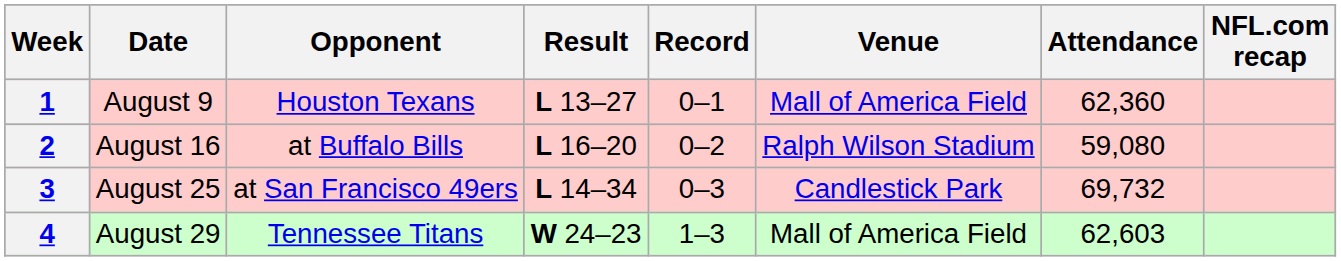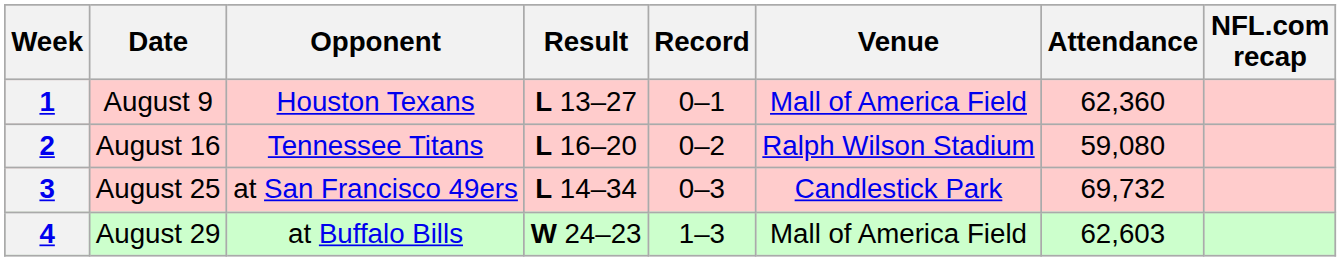 <table class="wikitable" style="text-align:center">
 <tr>
 <th>Week</th>
 <th>Date</th>
 <th>Opponent</th>
 <th>Result</th>
 <th>Record</th>
 <th>Venue</th>
 <th>Attendance</th>
 <th>NFL.com<br>recap</th>
 </tr>
 <tr style="background:#fcc">
 <th><a href='#'>1</a></th>
 <td>August 9</td>
 <td><a href='#'>Houston Texans</a></td>
 <td><strong>L</strong> 13–27</td>
 <td>0–1</td>
 <td><a href='#'>Mall of America Field</a></td>
 <td>62,360</td>
 <td></td>
 </tr>
 <tr style="background:#fcc">
 <th><a href='#'>2</a></th>
 <td>August 16</td>
-<td>at <a href='#'>Buffalo Bills</a></td>
+<td><a href='#'>Tennessee Titans</a></td>
 <td><strong>L</strong> 16–20</td>
 <td>0–2</td>
 <td><a href='#'>Ralph Wilson Stadium</a></td>
 <td>59,080</td>
 <td></td>
 </tr>
 <tr style="background:#fcc">
 <th><a href='#'>3</a></th>
 <td>August 25</td>
 <td>at <a href='#'>San Francisco 49ers</a></td>
 <td><strong>L</strong> 14–34</td>
 <td>0–3</td>
 <td><a href='#'>Candlestick Park</a></td>
 <td>69,732</td>
 <td></td>
 </tr>
 <tr style="background:#cfc">
 <th><a href='#'>4</a></th>
 <td>August 29</td>
-<td><a href='#'>Tennessee Titans</a></td>
+<td>at <a href='#'>Buffalo Bills</a></td>
 <td><strong>W</strong> 24–23</td>
 <td>1–3</td>
 <td>Mall of America Field</td>
 <td>62,603</td>
 <td></td>
 </tr>
 </table>
